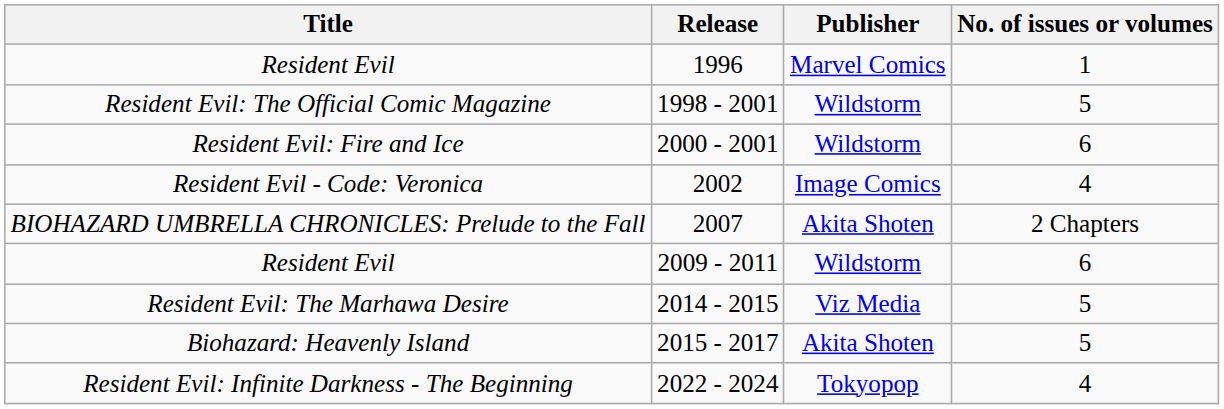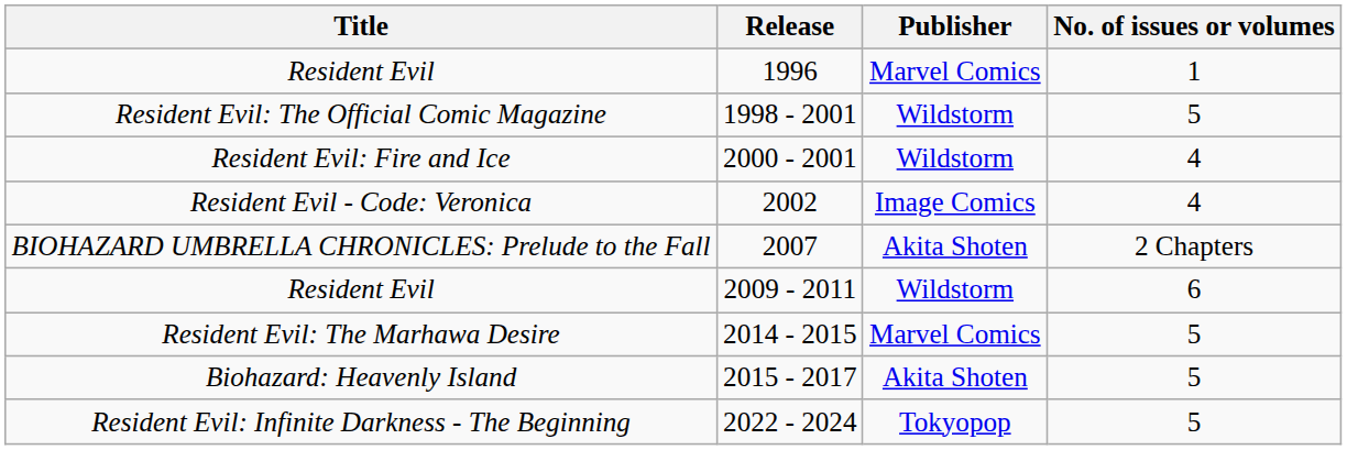 <table class="wikitable">
 <tr>
 <th scope="col">Title</th>
 <th scope="col">Release</th>
 <th scope="col">Publisher</th>
 <th scope="col">No. of issues or volumes</th>
 </tr>
 <tr style="text-align: center;">
 <td><em>Resident Evil</em></td>
 <td>1996</td>
 <td><a href='#'>Marvel Comics</a></td>
 <td>1</td>
 </tr>
 <tr style="text-align: center;">
 <td><em>Resident Evil: The Official Comic Magazine</em></td>
 <td>1998 - 2001</td>
 <td><a href='#'>Wildstorm</a></td>
 <td>5</td>
 </tr>
 <tr style="text-align: center;">
 <td><em>Resident Evil: Fire and Ice</em></td>
 <td>2000 - 2001</td>
 <td><a href='#'>Wildstorm</a></td>
-<td>6</td>
+<td>4</td>
 </tr>
 <tr style="text-align: center;">
 <td><em> Resident Evil - Code: Veronica</em></td>
 <td>2002</td>
 <td><a href='#'>Image Comics</a></td>
 <td>4</td>
 </tr>
 <tr style="text-align: center;">
 <td><em>BIOHAZARD UMBRELLA CHRONICLES: Prelude to the Fall</em></td>
 <td>2007</td>
 <td><a href='#'>Akita Shoten</a></td>
 <td>2 Chapters</td>
 </tr>
 <tr style="text-align: center;">
 <td><em>Resident Evil</em></td>
 <td>2009 - 2011</td>
 <td><a href='#'>Wildstorm</a></td>
 <td>6</td>
 </tr>
 <tr style="text-align: center;">
 <td><em>Resident Evil: The Marhawa Desire</em></td>
 <td>2014 - 2015</td>
-<td><a href='#'>Viz Media</a></td>
+<td><a href='#'>Marvel Comics</a></td>
 <td>5</td>
 </tr>
 <tr style="text-align: center;">
 <td><em>Biohazard: Heavenly Island</em></td>
 <td>2015 - 2017</td>
 <td><a href='#'>Akita Shoten</a></td>
 <td>5</td>
 </tr>
 <tr style="text-align: center;">
 <td><em>Resident Evil: Infinite Darkness - The Beginning</em></td>
 <td>2022 - 2024</td>
 <td><a href='#'>Tokyopop</a></td>
-<td>4</td>
+<td>5</td>
 </tr>
 </table>
